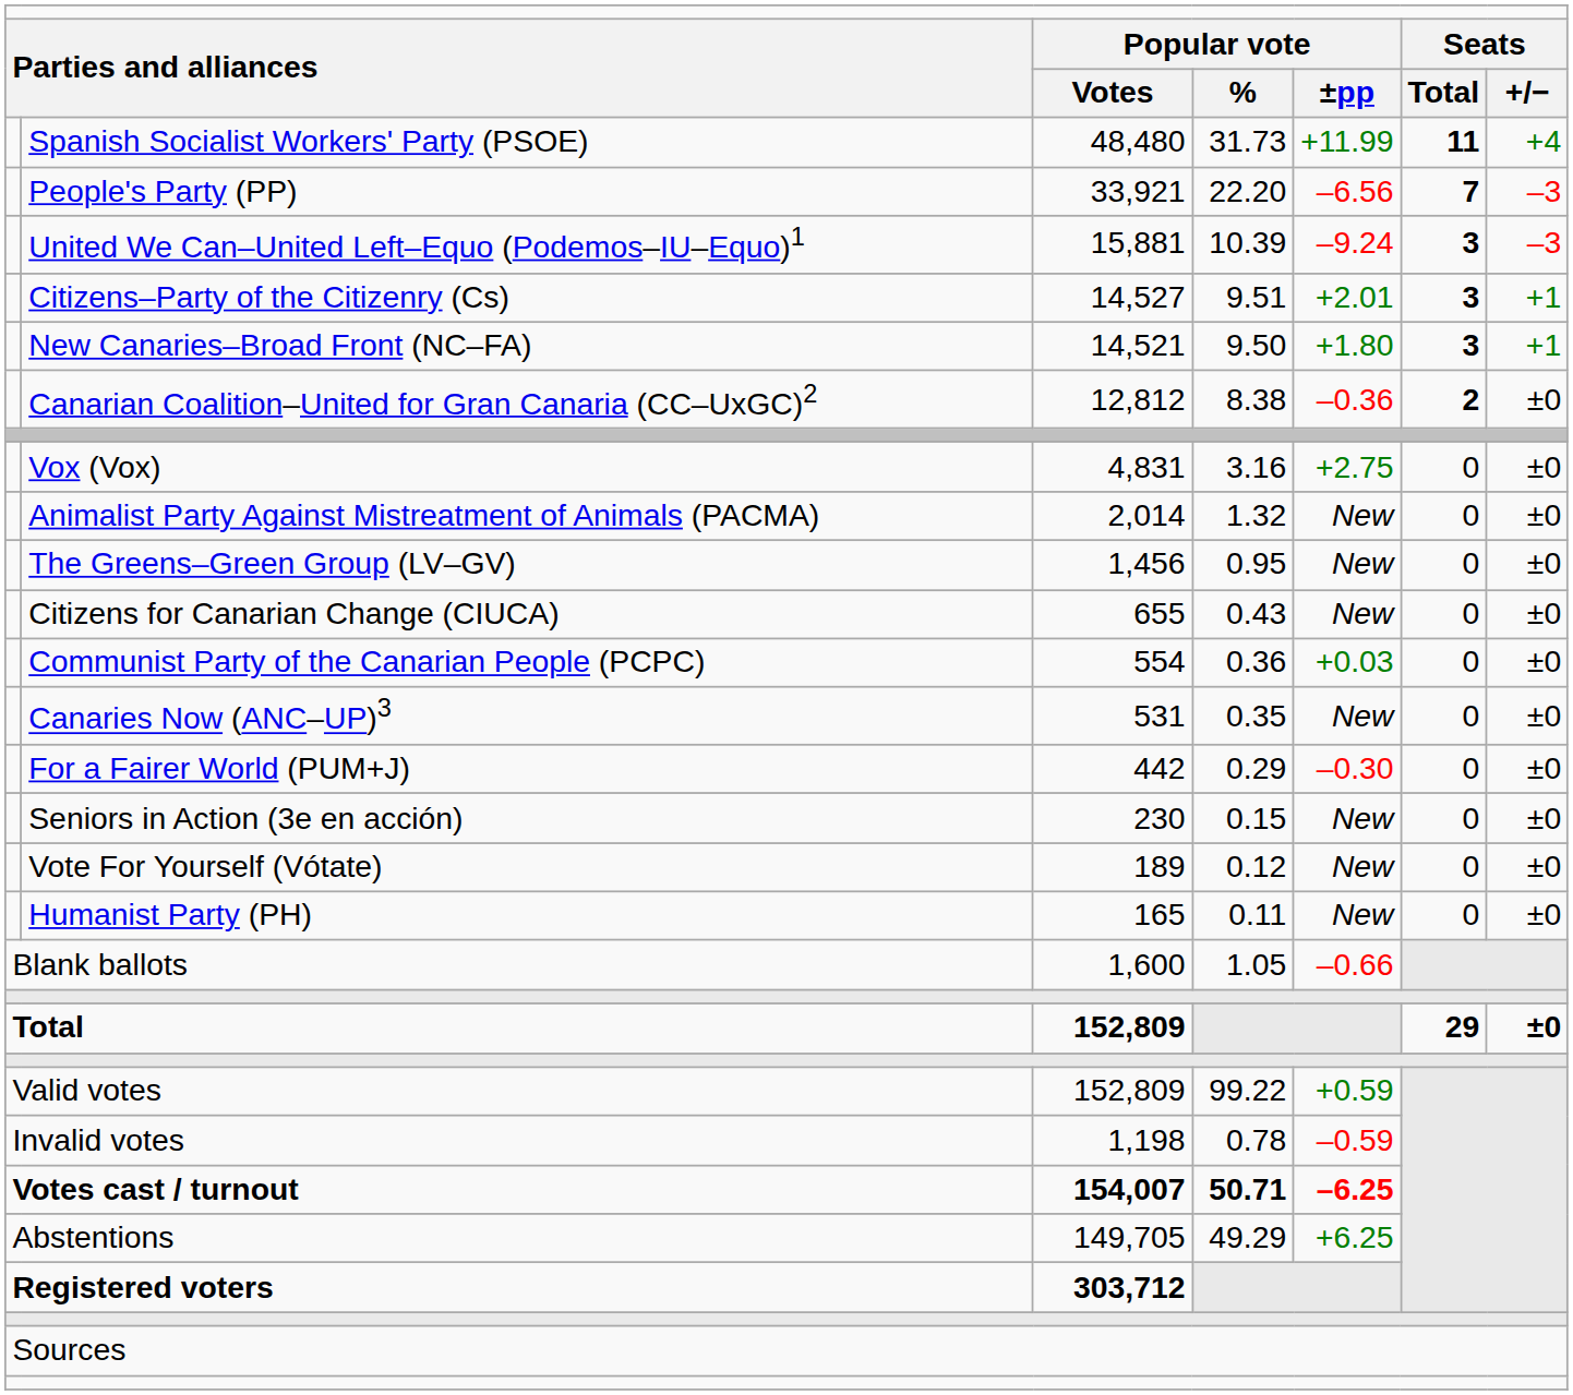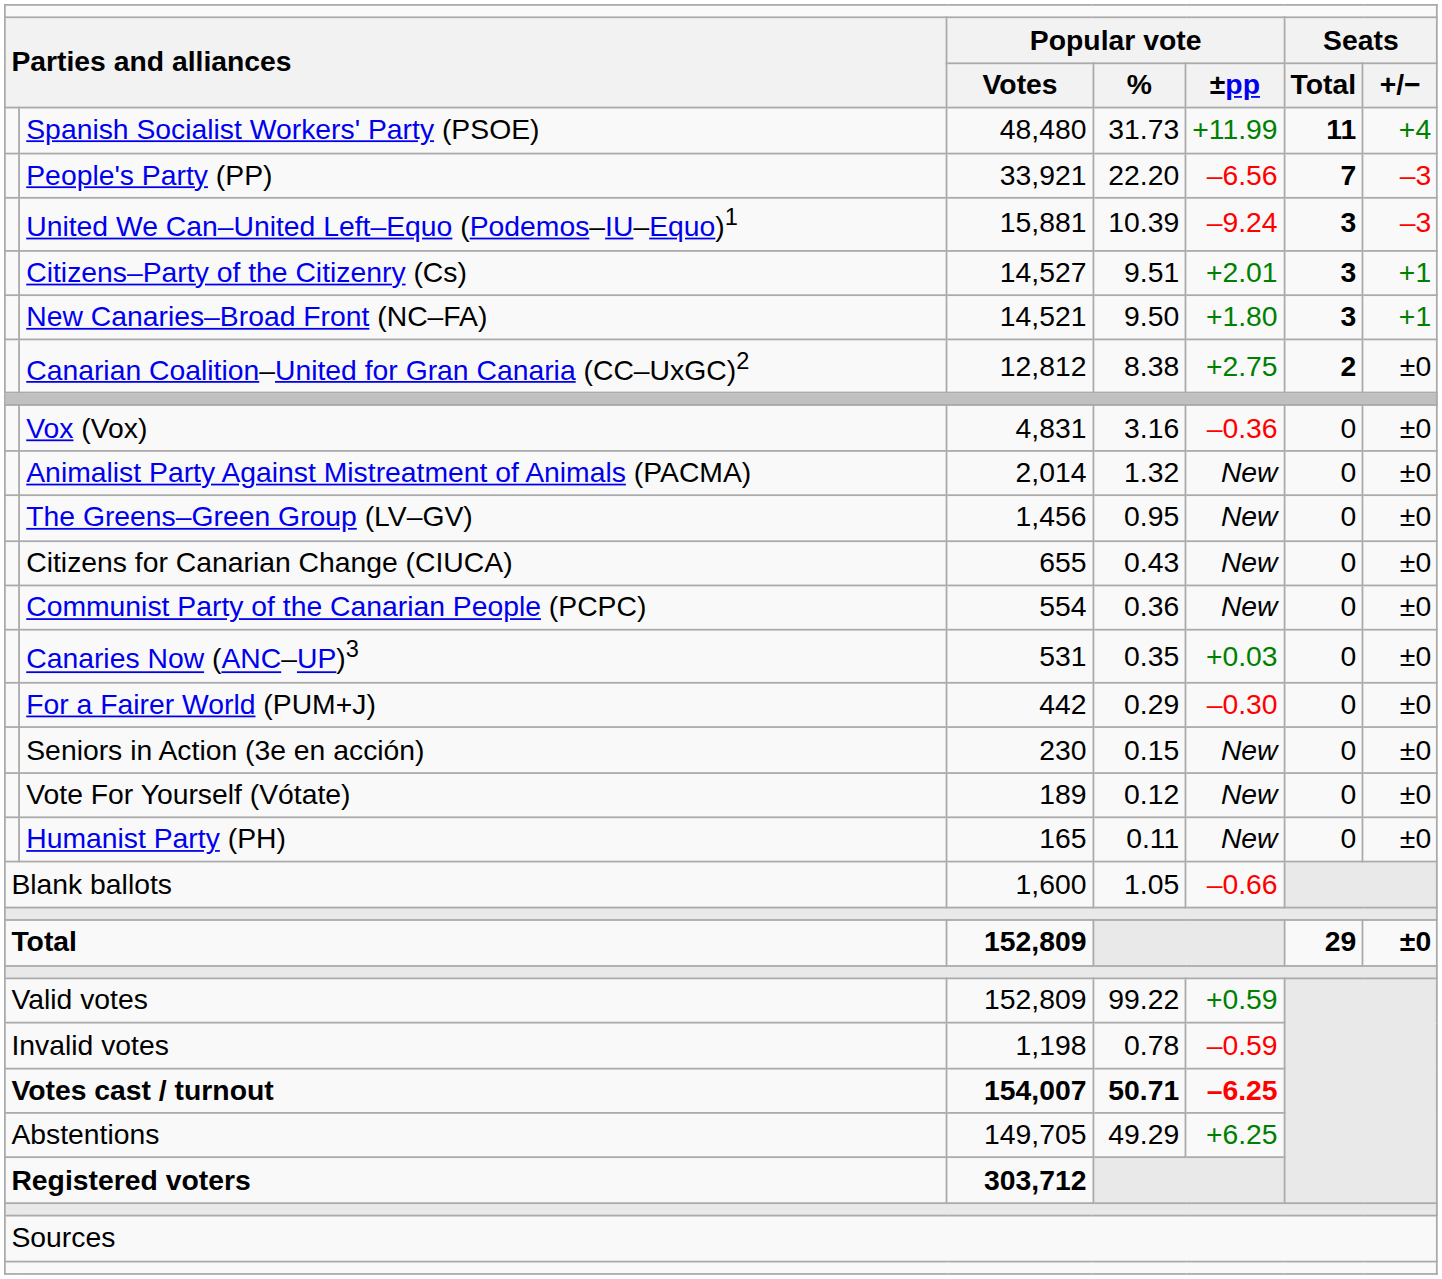 <table class="wikitable" style="text-align:right;">
 <tr>
 <td colspan="7"></td>
 </tr>
 <tr>
 <th style="text-align:left;" rowspan="2" colspan="2" width="525">Parties and alliances</th>
 <th colspan="3">Popular vote</th>
 <th colspan="2">Seats</th>
 </tr>
 <tr>
 <th width="75">Votes</th>
 <th width="45">%</th>
 <th width="45">±<a href='#'>pp</a></th>
 <th width="35">Total</th>
 <th width="35">+/−</th>
 </tr>
 <tr>
 <td width="1" style="color:inherit;background:"></td>
 <td align="left"><a href='#'>Spanish Socialist Workers' Party</a> (PSOE)</td>
 <td>48,480</td>
 <td>31.73</td>
 <td style="color:green;">+11.99</td>
 <td><strong>11</strong></td>
 <td style="color:green;">+4</td>
 </tr>
 <tr>
 <td style="color:inherit;background:"></td>
 <td align="left"><a href='#'>People's Party</a> (PP)</td>
 <td>33,921</td>
 <td>22.20</td>
 <td style="color:red;">–6.56</td>
 <td><strong>7</strong></td>
 <td style="color:red;">–3</td>
 </tr>
 <tr>
 <td style="color:inherit;background:"></td>
 <td align="left"><a href='#'>United We Can–United Left–Equo</a> (<a href='#'>Podemos</a>–<a href='#'>IU</a>–<a href='#'>Equo</a>)<sup>1</sup></td>
 <td>15,881</td>
 <td>10.39</td>
 <td style="color:red;">–9.24</td>
 <td><strong>3</strong></td>
 <td style="color:red;">–3</td>
 </tr>
 <tr>
 <td style="color:inherit;background:"></td>
 <td align="left"><a href='#'>Citizens–Party of the Citizenry</a> (Cs)</td>
 <td>14,527</td>
 <td>9.51</td>
 <td style="color:green;">+2.01</td>
 <td><strong>3</strong></td>
 <td style="color:green;">+1</td>
 </tr>
 <tr>
 <td style="color:inherit;background:"></td>
 <td align="left"><a href='#'>New Canaries–Broad Front</a> (NC–FA)</td>
 <td>14,521</td>
 <td>9.50</td>
 <td style="color:green;">+1.80</td>
 <td><strong>3</strong></td>
 <td style="color:green;">+1</td>
 </tr>
 <tr>
 <td style="color:inherit;background:"></td>
 <td align="left"><a href='#'>Canarian Coalition</a>–<a href='#'>United for Gran Canaria</a> (CC–UxGC)<sup>2</sup></td>
 <td>12,812</td>
 <td>8.38</td>
-<td style="color:red;">–0.36</td>
+<td style="color:green;">+2.75</td>
 <td><strong>2</strong></td>
 <td>±0</td>
 </tr>
 <tr>
 <td colspan="7" bgcolor="#C0C0C0"></td>
 </tr>
 <tr>
 <td style="color:inherit;background:"></td>
 <td align="left"><a href='#'>Vox</a> (Vox)</td>
 <td>4,831</td>
 <td>3.16</td>
-<td style="color:green;">+2.75</td>
+<td style="color:red;">–0.36</td>
 <td>0</td>
 <td>±0</td>
 </tr>
 <tr>
 <td style="color:inherit;background:"></td>
 <td align="left"><a href='#'>Animalist Party Against Mistreatment of Animals</a> (PACMA)</td>
 <td>2,014</td>
 <td>1.32</td>
 <td><em>New</em></td>
 <td>0</td>
 <td>±0</td>
 </tr>
 <tr>
 <td style="color:inherit;background:"></td>
 <td align="left"><a href='#'>The Greens–Green Group</a> (LV–GV)</td>
 <td>1,456</td>
 <td>0.95</td>
 <td><em>New</em></td>
 <td>0</td>
 <td>±0</td>
 </tr>
 <tr>
 <td style="color:inherit;background:"></td>
 <td align="left">Citizens for Canarian Change (CIUCA)</td>
 <td>655</td>
 <td>0.43</td>
 <td><em>New</em></td>
 <td>0</td>
 <td>±0</td>
 </tr>
 <tr>
 <td style="color:inherit;background:"></td>
 <td align="left"><a href='#'>Communist Party of the Canarian People</a> (PCPC)</td>
 <td>554</td>
 <td>0.36</td>
-<td style="color:green;">+0.03</td>
+<td><em>New</em></td>
 <td>0</td>
 <td>±0</td>
 </tr>
 <tr>
 <td style="color:inherit;background:"></td>
 <td align="left"><a href='#'>Canaries Now</a> (<a href='#'>ANC</a>–<a href='#'>UP</a>)<sup>3</sup></td>
 <td>531</td>
 <td>0.35</td>
-<td><em>New</em></td>
+<td style="color:green;">+0.03</td>
 <td>0</td>
 <td>±0</td>
 </tr>
 <tr>
 <td style="color:inherit;background:"></td>
 <td align="left"><a href='#'>For a Fairer World</a> (PUM+J)</td>
 <td>442</td>
 <td>0.29</td>
 <td style="color:red;">–0.30</td>
 <td>0</td>
 <td>±0</td>
 </tr>
 <tr>
 <td style="color:inherit;background:"></td>
 <td align="left">Seniors in Action (3e en acción)</td>
 <td>230</td>
 <td>0.15</td>
 <td><em>New</em></td>
 <td>0</td>
 <td>±0</td>
 </tr>
 <tr>
 <td style="color:inherit;background:"></td>
 <td align="left">Vote For Yourself (Vótate)</td>
 <td>189</td>
 <td>0.12</td>
 <td><em>New</em></td>
 <td>0</td>
 <td>±0</td>
 </tr>
 <tr>
 <td style="color:inherit;background:"></td>
 <td align="left"><a href='#'>Humanist Party</a> (PH)</td>
 <td>165</td>
 <td>0.11</td>
 <td><em>New</em></td>
 <td>0</td>
 <td>±0</td>
 </tr>
 <tr>
 <td align="left" colspan="2">Blank ballots</td>
 <td>1,600</td>
 <td>1.05</td>
 <td style="color:red;">–0.66</td>
 <td bgcolor="#E9E9E9" colspan="2"></td>
 </tr>
 <tr>
 <td colspan="7" bgcolor="#E9E9E9"></td>
 </tr>
 <tr style="font-weight:bold;">
 <td align="left" colspan="2">Total</td>
 <td>152,809</td>
 <td bgcolor="#E9E9E9" colspan="2"></td>
 <td>29</td>
 <td>±0</td>
 </tr>
 <tr>
 <td colspan="7" bgcolor="#E9E9E9"></td>
 </tr>
 <tr>
 <td align="left" colspan="2">Valid votes</td>
 <td>152,809</td>
 <td>99.22</td>
 <td style="color:green;">+0.59</td>
 <td bgcolor="#E9E9E9" colspan="2" rowspan="5"></td>
 </tr>
 <tr>
 <td align="left" colspan="2">Invalid votes</td>
 <td>1,198</td>
 <td>0.78</td>
 <td style="color:red;">–0.59</td>
 </tr>
 <tr style="font-weight:bold;">
 <td align="left" colspan="2">Votes cast / turnout</td>
 <td>154,007</td>
 <td>50.71</td>
 <td style="color:red;">–6.25</td>
 </tr>
 <tr>
 <td align="left" colspan="2">Abstentions</td>
 <td>149,705</td>
 <td>49.29</td>
 <td style="color:green;">+6.25</td>
 </tr>
 <tr style="font-weight:bold;">
 <td align="left" colspan="2">Registered voters</td>
 <td>303,712</td>
 <td bgcolor="#E9E9E9" colspan="2"></td>
 </tr>
 <tr>
 <td colspan="7" bgcolor="#E9E9E9"></td>
 </tr>
 <tr>
 <td align="left" colspan="7">Sources</td>
 </tr>
 <tr>
 <td colspan="7" style="text-align:left; max-width:790px;"></td>
 </tr>
 </table>
